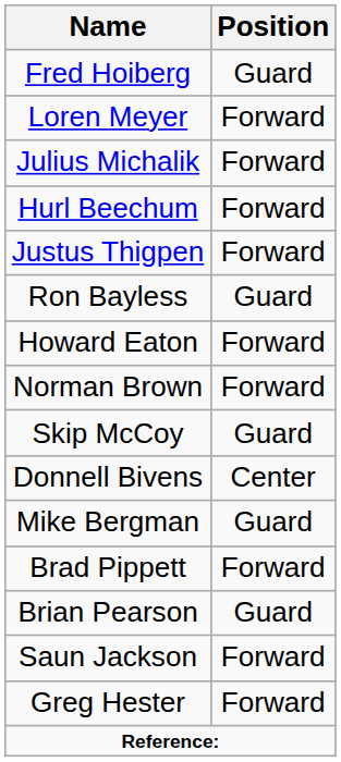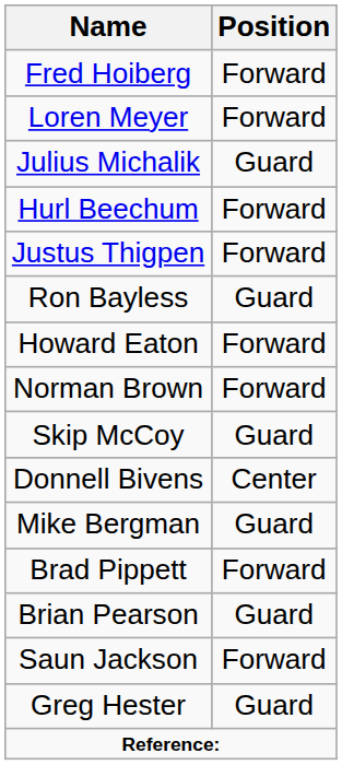 <table class="wikitable" style="text-align: center">
 <tr>
 <th>Name</th>
 <th>Position</th>
 </tr>
 <tr>
 <td><a href='#'>Fred Hoiberg</a></td>
-<td>Guard</td>
+<td>Forward</td>
 </tr>
 <tr>
 <td><a href='#'>Loren Meyer</a></td>
 <td>Forward</td>
 </tr>
 <tr>
 <td><a href='#'>Julius Michalik</a></td>
-<td>Forward</td>
+<td>Guard</td>
 </tr>
 <tr>
 <td><a href='#'>Hurl Beechum</a></td>
 <td>Forward</td>
 </tr>
 <tr>
 <td><a href='#'>Justus Thigpen</a></td>
 <td>Forward</td>
 </tr>
 <tr>
 <td>Ron Bayless</td>
 <td>Guard</td>
 </tr>
 <tr>
 <td>Howard Eaton</td>
 <td>Forward</td>
 </tr>
 <tr>
 <td>Norman Brown</td>
 <td>Forward</td>
 </tr>
 <tr>
 <td>Skip McCoy</td>
 <td>Guard</td>
 </tr>
 <tr>
 <td>Donnell Bivens</td>
 <td>Center</td>
 </tr>
 <tr>
 <td>Mike Bergman</td>
 <td>Guard</td>
 </tr>
 <tr>
 <td>Brad Pippett</td>
 <td>Forward</td>
 </tr>
 <tr>
 <td>Brian Pearson</td>
 <td>Guard</td>
 </tr>
 <tr>
 <td>Saun Jackson</td>
 <td>Forward</td>
 </tr>
 <tr>
 <td>Greg Hester</td>
-<td>Forward</td>
+<td>Guard</td>
 </tr>
 <tr>
 <td colspan="5" style="font-size:8pt; text-align:center;"><strong>Reference:</strong></td>
 </tr>
 </table>
